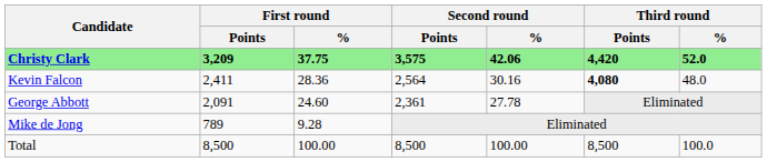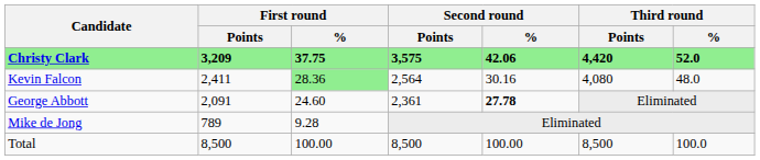 <table class="wikitable" style="width: 70%;">
 <tr>
 <th rowspan=2>Candidate</th>
 <th colspan=2>First round</th>
 <th colspan="2">Second round</th>
 <th colspan="2">Third round</th>
 </tr>
 <tr>
 <th>Points</th>
 <th>%</th>
 <th>Points</th>
 <th>%</th>
 <th>Points</th>
 <th>%</th>
 </tr>
 <tr style="text-align:left;background:lightgreen;">
 <td> <strong><a href='#'>Christy Clark</a></strong></td>
 <td><strong>3,209</strong></td>
 <td><strong>37.75</strong></td>
 <td><strong>3,575</strong></td>
 <td><strong>42.06</strong></td>
 <td><strong>4,420</strong></td>
 <td><strong>52.0</strong></td>
 </tr>
 <tr>
 <td><a href='#'>Kevin Falcon</a></td>
 <td>2,411</td>
-<td>28.36</td>
+<td style="background: lightgreen;">28.36</td>
 <td>2,564</td>
 <td>30.16</td>
-<td><strong>4,080</strong></td>
+<td>4,080</td>
 <td>48.0</td>
 </tr>
 <tr>
 <td><a href='#'>George Abbott</a></td>
 <td>2,091</td>
 <td>24.60</td>
 <td>2,361</td>
-<td>27.78</td>
+<td><strong>27.78</strong></td>
 <td colspan=2 style="background: #ececec; text-align: center;">Eliminated</td>
 </tr>
 <tr>
 <td><a href='#'>Mike de Jong</a></td>
 <td>789</td>
 <td>9.28</td>
 <td colspan="4" style="background: #ececec; text-align: center;">Eliminated</td>
 </tr>
 <tr>
 <td>Total</td>
 <td>8,500</td>
 <td>100.00</td>
 <td>8,500</td>
 <td>100.00</td>
 <td>8,500</td>
 <td>100.0</td>
 </tr>
 </table>
